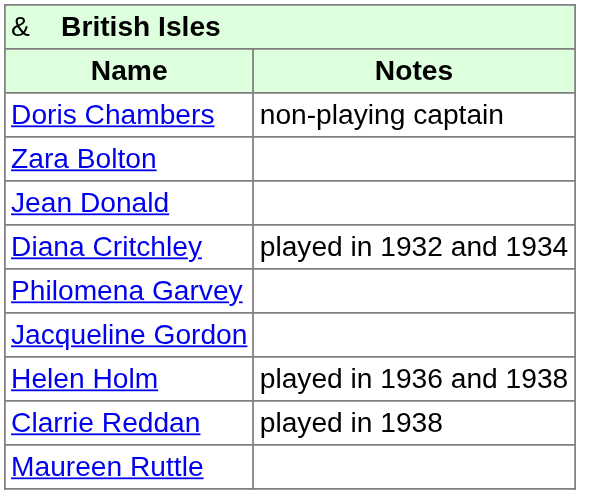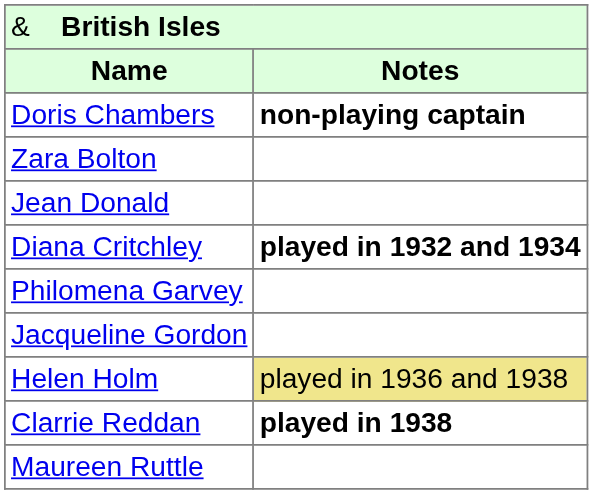 <table border="1" cellpadding="3" style="border-collapse: collapse;">
 <tr style="background:#ddffdd;">
 <td colspan=5> &    <strong>British Isles</strong></td>
 </tr>
 <tr style="background:#ddffdd;">
 <th>Name</th>
 <th>Notes</th>
 </tr>
 <tr>
 <td> <a href='#'>Doris Chambers</a></td>
-<td>non-playing captain</td>
+<td><strong>non-playing captain</strong></td>
 </tr>
 <tr>
 <td> <a href='#'>Zara Bolton</a></td>
 <td></td>
 </tr>
 <tr>
 <td> <a href='#'>Jean Donald</a></td>
 <td></td>
 </tr>
 <tr>
 <td> <a href='#'>Diana Critchley</a></td>
-<td>played in 1932 and 1934</td>
+<td><strong>played in 1932 and 1934</strong></td>
 </tr>
 <tr>
 <td> <a href='#'>Philomena Garvey</a></td>
 <td></td>
 </tr>
 <tr>
 <td> <a href='#'>Jacqueline Gordon</a></td>
 <td></td>
 </tr>
 <tr>
 <td> <a href='#'>Helen Holm</a></td>
-<td>played in 1936 and 1938</td>
+<td style="background: khaki;">played in 1936 and 1938</td>
 </tr>
 <tr>
 <td> <a href='#'>Clarrie Reddan</a></td>
-<td>played in 1938</td>
+<td><strong>played in 1938</strong></td>
 </tr>
 <tr>
 <td> <a href='#'>Maureen Ruttle</a></td>
 <td></td>
 </tr>
 </table>
